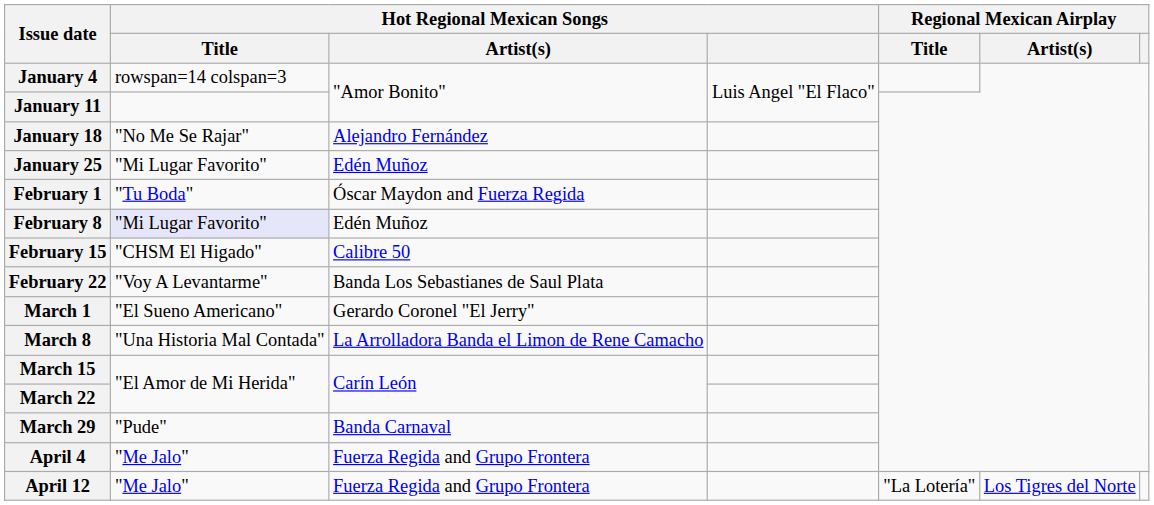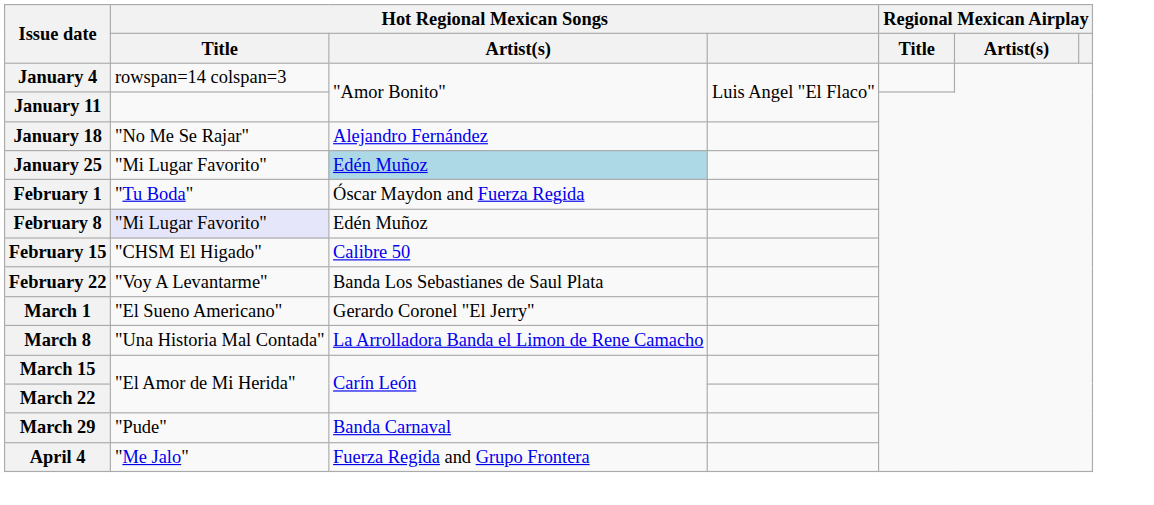 <table class="wikitable sortable plainrowheaders">
 <tr>
 <th scope=col rowspan=2>Issue date</th>
 <th scope=col colspan=3>Hot Regional Mexican Songs</th>
 <th scope=col colspan=3>Regional Mexican Airplay</th>
 </tr>
 <tr>
 <th scope=col>Title</th>
 <th scope=col>Artist(s)</th>
 <th scope=col class=unsortable></th>
 <th scope=col>Title</th>
 <th scope=col>Artist(s)</th>
 <th scope=col class=unsortable></th>
 </tr>
 <tr>
 <th scope="row">January 4</th>
 <td>rowspan=14 colspan=3 </td>
 <td rowspan=2>"Amor Bonito"</td>
 <td rowspan=2>Luis Angel "El Flaco"</td>
 <td></td>
 </tr>
 <tr>
 <th scope="row">January 11</th>
 <td></td>
 </tr>
 <tr>
 <th scope="row">January 18</th>
 <td>"No Me Se Rajar"</td>
 <td><a href='#'>Alejandro Fernández</a></td>
 <td></td>
 </tr>
 <tr>
 <th scope="row">January 25</th>
 <td>"Mi Lugar Favorito"</td>
-<td><a href='#'>Edén Muñoz</a></td>
+<td style="background: lightblue;"><a href='#'>Edén Muñoz</a></td>
 <td></td>
 </tr>
 <tr>
 <th scope="row">February 1</th>
 <td>"<a href='#'>Tu Boda</a>"</td>
 <td>Óscar Maydon and <a href='#'>Fuerza Regida</a></td>
 <td></td>
 </tr>
 <tr>
 <th scope="row">February 8</th>
 <td style="background: lavender;">"Mi Lugar Favorito"</td>
 <td>Edén Muñoz</td>
 <td></td>
 </tr>
 <tr>
 <th scope="row">February 15</th>
 <td>"CHSM El Higado"</td>
 <td><a href='#'>Calibre 50</a></td>
 <td></td>
 </tr>
 <tr>
 <th scope="row">February 22</th>
 <td>"Voy A Levantarme"</td>
 <td>Banda Los Sebastianes de Saul Plata</td>
 <td></td>
 </tr>
 <tr>
 <th scope="row">March 1</th>
 <td>"El Sueno Americano"</td>
 <td>Gerardo Coronel "El Jerry"</td>
 <td></td>
 </tr>
 <tr>
 <th scope="row">March 8</th>
 <td>"Una Historia Mal Contada"</td>
 <td><a href='#'>La Arrolladora Banda el Limon de Rene Camacho</a></td>
 <td></td>
 </tr>
 <tr>
 <th scope="row">March 15</th>
 <td rowspan=2>"El Amor de Mi Herida"</td>
 <td rowspan=2><a href='#'>Carín León</a></td>
 <td></td>
 </tr>
 <tr>
 <th scope="row">March 22</th>
 <td></td>
 </tr>
 <tr>
 <th scope="row">March 29</th>
 <td>"Pude"</td>
 <td><a href='#'>Banda Carnaval</a></td>
 <td></td>
 </tr>
 <tr>
 <th scope="row">April 4</th>
 <td>"<a href='#'>Me Jalo</a>"</td>
 <td><a href='#'>Fuerza Regida</a> and <a href='#'>Grupo Frontera</a></td>
 <td></td>
 </tr>
-<tr>
-<th scope="row">April 12</th>
-<td>"<a href='#'>Me Jalo</a>"</td>
-<td><a href='#'>Fuerza Regida</a> and <a href='#'>Grupo Frontera</a></td>
-<td></td>
-<td>"La Lotería"</td>
-<td><a href='#'>Los Tigres del Norte</a></td>
-<td></td>
-</tr>
 </table>
